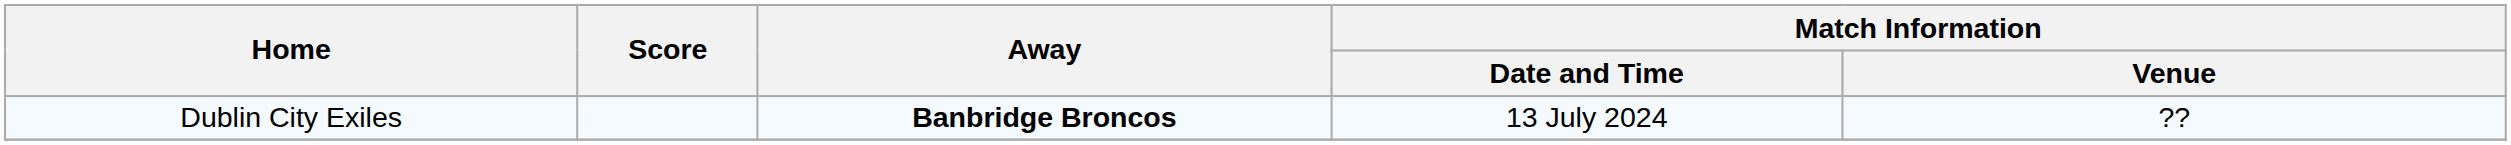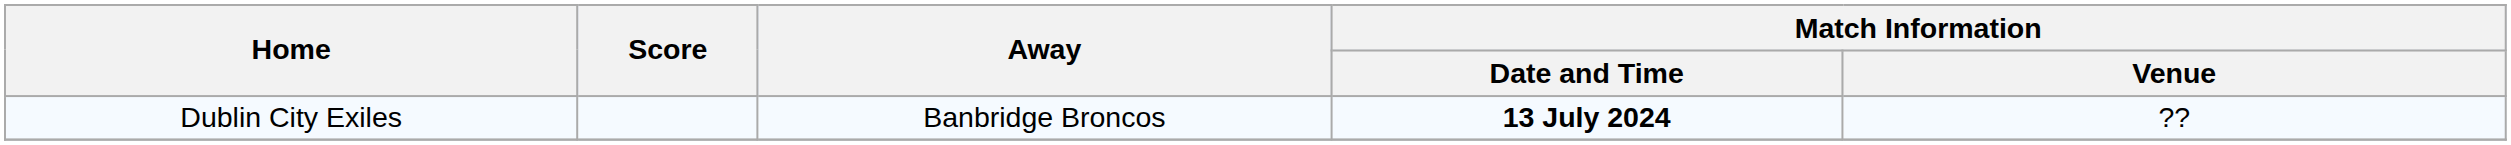 <table class="wikitable" border=1 style="border-collapse:collapse; font-size:90%; text-align:center;" cellpadding=3 cellspacing=0 width=100%>
 <tr style="background:#C1D8ff;">
 <th rowspan="2" width="19%">Home</th>
 <th rowspan="2" width="6%">Score</th>
 <th rowspan="2" width="19%">Away</th>
 <th colspan="4">Match Information</th>
 </tr>
 <tr style="background:#CCCCCC;">
 <th width="17%">Date and Time</th>
 <th width="22%">Venue</th>
 </tr>
 <tr bgcolor="#F5FAFF">
 <td>Dublin City Exiles</td>
 <td></td>
-<td><strong>Banbridge Broncos</strong></td>
-<td>13 July 2024</td>
+<td>Banbridge Broncos</td>
+<td><strong>13 July 2024</strong></td>
 <td>??</td>
 </tr>
 <tr bgcolor="#F5FAFF">
 </tr>
 </table>
